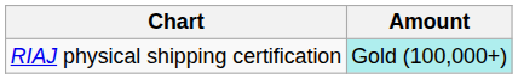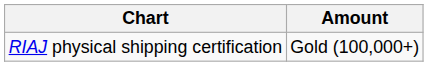 <table class="wikitable">
 <tr>
 <th>Chart</th>
 <th>Amount</th>
 </tr>
 <tr>
 <td><em><a href='#'>RIAJ</a></em> physical shipping certification</td>
-<td align="center" style="background: paleturquoise;">Gold (100,000+)</td>
+<td align="center">Gold (100,000+)</td>
 </tr>
 </table>
